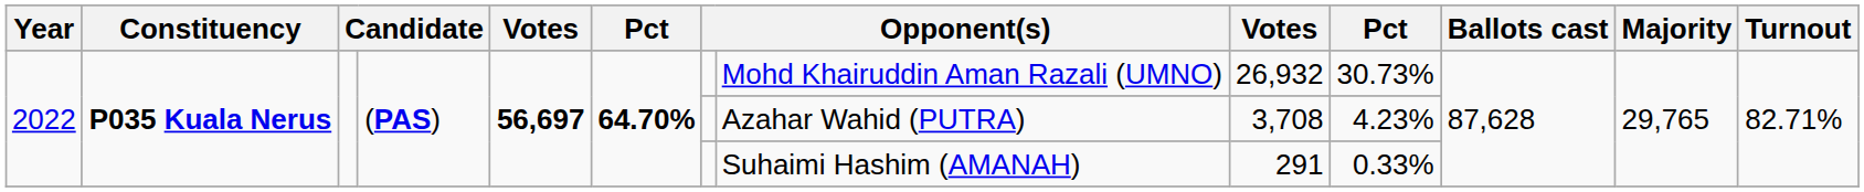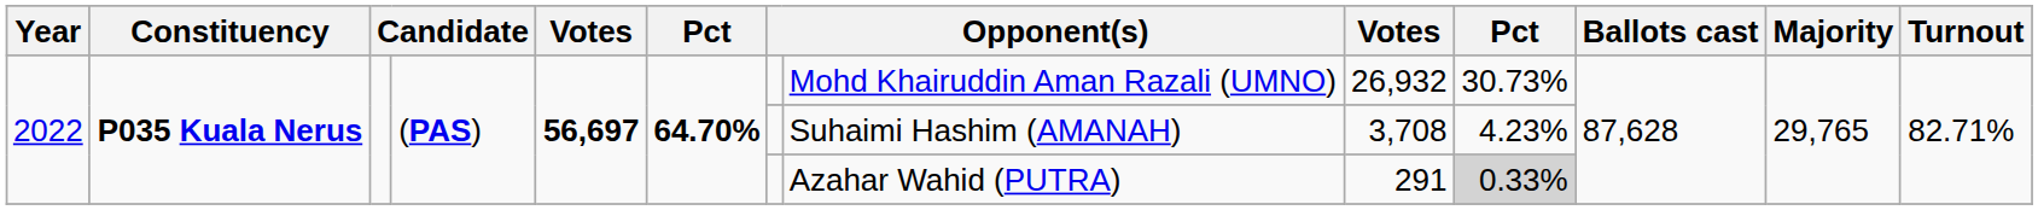 <table class="wikitable" style="margin:0.5em ; font-size:95%">
 <tr>
 <th>Year</th>
 <th>Constituency</th>
 <th colspan=2>Candidate</th>
 <th>Votes</th>
 <th>Pct</th>
 <th colspan=2>Opponent(s)</th>
 <th>Votes</th>
 <th>Pct</th>
 <th>Ballots cast</th>
 <th>Majority</th>
 <th>Turnout</th>
 </tr>
 <tr>
 <td rowspan=3><a href='#'>2022</a></td>
 <td rowspan=3><strong>P035 <a href='#'>Kuala Nerus</a></strong></td>
 <td rowspan=3 ></td>
 <td rowspan=3> (<a href='#'><strong>PAS</strong></a>)</td>
 <td rowspan=3 align="right"><strong>56,697</strong></td>
 <td rowspan=3><strong>64.70%</strong></td>
 <td></td>
 <td><a href='#'>Mohd Khairuddin Aman Razali</a> (<a href='#'>UMNO</a>)</td>
 <td align="right">26,932</td>
 <td>30.73%</td>
 <td rowspan=3>87,628</td>
 <td rowspan=3>29,765</td>
 <td rowspan=3>82.71%</td>
 </tr>
 <tr>
 <td></td>
-<td>Azahar Wahid (<a href='#'>PUTRA</a>)</td>
+<td>Suhaimi Hashim  (<a href='#'>AMANAH</a>)</td>
 <td align="right">3,708</td>
 <td align="right">4.23%</td>
 </tr>
 <tr>
 <td bgcolor=></td>
-<td>Suhaimi Hashim  (<a href='#'>AMANAH</a>)</td>
+<td>Azahar Wahid (<a href='#'>PUTRA</a>)</td>
 <td align="right">291</td>
-<td align="right">0.33%</td>
+<td align="right" style="background: lightgrey;">0.33%</td>
 </tr>
 </table>
